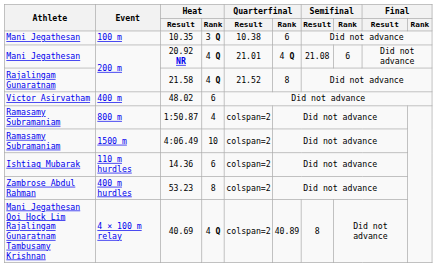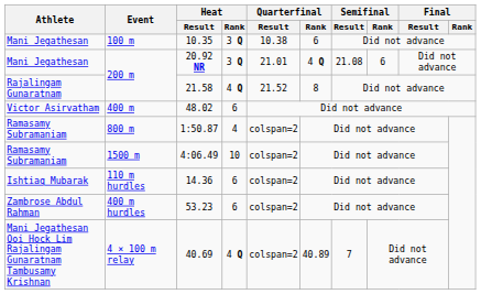 <table class="wikitable" style="font-size:90%">
 <tr>
 <th rowspan="2">Athlete</th>
 <th rowspan="2">Event</th>
 <th colspan="2">Heat</th>
 <th colspan="2">Quarterfinal</th>
 <th colspan="2">Semifinal</th>
 <th colspan="2">Final</th>
 </tr>
 <tr style="font-size:95%">
 <th>Result</th>
 <th>Rank</th>
 <th>Result</th>
 <th>Rank</th>
 <th>Result</th>
 <th>Rank</th>
 <th>Result</th>
 <th>Rank</th>
 </tr>
 <tr align=center>
 <td align=left><a href='#'>Mani Jegathesan</a></td>
 <td align=left><a href='#'>100 m</a></td>
 <td>10.35</td>
 <td>3 <strong>Q</strong></td>
 <td>10.38</td>
 <td>6</td>
 <td colspan=4>Did not advance</td>
 </tr>
 <tr align=center>
 <td align=left><a href='#'>Mani Jegathesan</a></td>
 <td align=left rowspan=2><a href='#'>200 m</a></td>
 <td>20.92 <strong><a href='#'>NR</a></strong></td>
-<td>4 <strong>Q</strong></td>
+<td>3 <strong>Q</strong></td>
 <td>21.01</td>
 <td>4 <strong>Q</strong></td>
 <td>21.08</td>
 <td>6</td>
 <td colspan=2>Did not advance</td>
 </tr>
 <tr align=center>
 <td align=left><a href='#'>Rajalingam Gunaratnam</a></td>
 <td>21.58</td>
 <td>4 <strong>Q</strong></td>
 <td>21.52</td>
 <td>8</td>
 <td colspan=4>Did not advance</td>
 </tr>
 <tr align=center>
 <td align=left><a href='#'>Victor Asirvatham</a></td>
 <td align=left><a href='#'>400 m</a></td>
 <td>48.02</td>
 <td>6</td>
 <td colspan=6>Did not advance</td>
 </tr>
 <tr align=center>
 <td align=left><a href='#'>Ramasamy Subramaniam</a></td>
 <td align=left><a href='#'>800 m</a></td>
 <td>1:50.87</td>
 <td>4</td>
 <td>colspan=2 </td>
 <td colspan=4>Did not advance</td>
 </tr>
 <tr align=center>
 <td align=left><a href='#'>Ramasamy Subramaniam</a></td>
 <td align=left><a href='#'>1500 m</a></td>
 <td>4:06.49</td>
 <td>10</td>
 <td>colspan=2 </td>
 <td colspan=4>Did not advance</td>
 </tr>
 <tr align=center>
 <td align=left><a href='#'>Ishtiaq Mubarak</a></td>
 <td align=left><a href='#'>110 m hurdles</a></td>
 <td>14.36</td>
 <td>6</td>
 <td>colspan=2 </td>
 <td colspan=4>Did not advance</td>
 </tr>
 <tr align=center>
 <td align=left><a href='#'>Zambrose Abdul Rahman</a></td>
 <td align=left><a href='#'>400 m hurdles</a></td>
 <td>53.23</td>
-<td>8</td>
+<td>6</td>
 <td>colspan=2 </td>
 <td colspan=4>Did not advance</td>
 </tr>
 <tr align=center>
 <td align=left><a href='#'>Mani Jegathesan</a><br><a href='#'>Ooi Hock Lim</a><br><a href='#'>Rajalingam Gunaratnam</a><br><a href='#'>Tambusamy Krishnan</a></td>
 <td align=left><a href='#'>4 × 100 m relay</a></td>
 <td>40.69</td>
 <td>4 <strong>Q</strong></td>
 <td>colspan=2 </td>
 <td>40.89</td>
-<td>8</td>
+<td>7</td>
 <td colspan=2>Did not advance</td>
 </tr>
 </table>
